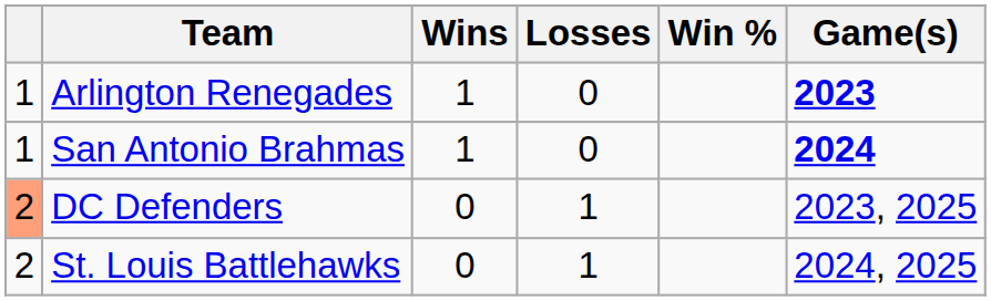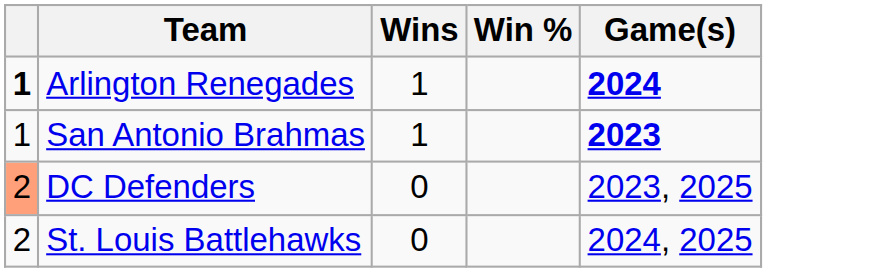 <table class="wikitable sortable plainrowheaders" style="text-align:center;">
 <tr>
 <th></th>
 <th>Team</th>
 <th>Wins</th>
-<th>Losses</th>
 <th>Win %</th>
 <th>Game(s)</th>
 </tr>
 <tr>
-<td>1</td>
+<td><strong>1</strong></td>
 <td style="text-align:left;"><a href='#'>Arlington Renegades</a></td>
 <td>1</td>
-<td>0</td>
 <td></td>
-<td style="text-align:left;"><strong><a href='#'>2023</a></strong></td>
+<td style="text-align:left;"><strong><a href='#'>2024</a></strong></td>
 </tr>
 <tr>
 <td>1</td>
 <td style="text-align:left;"><a href='#'>San Antonio Brahmas</a></td>
 <td>1</td>
-<td>0</td>
 <td></td>
-<td style="text-align:left;"><strong><a href='#'>2024</a></strong></td>
+<td style="text-align:left;"><strong><a href='#'>2023</a></strong></td>
 </tr>
 <tr>
 <td style="background: lightsalmon;">2</td>
 <td style="text-align:left;"><a href='#'>DC Defenders</a></td>
 <td>0</td>
-<td>1</td>
 <td></td>
 <td style="text-align:left;"><a href='#'>2023</a>, <a href='#'>2025</a></td>
 </tr>
 <tr>
 <td>2</td>
 <td style="text-align:left;"><a href='#'>St. Louis Battlehawks</a></td>
 <td>0</td>
-<td>1</td>
 <td></td>
 <td style="text-align:left;"><a href='#'>2024</a>, <a href='#'>2025</a></td>
 </tr>
 </table>
